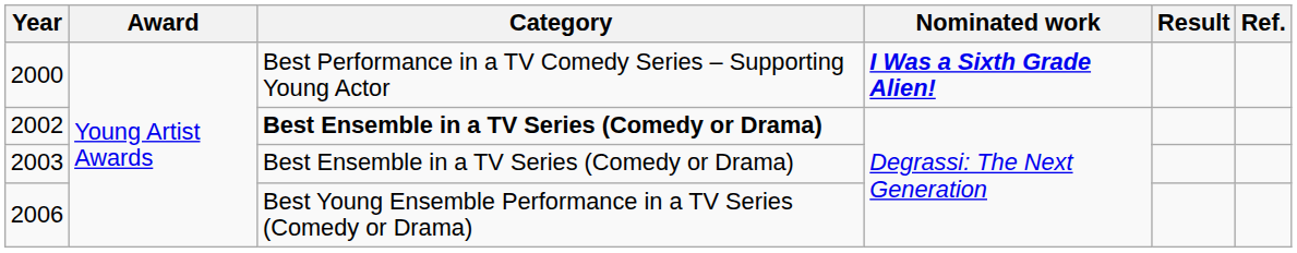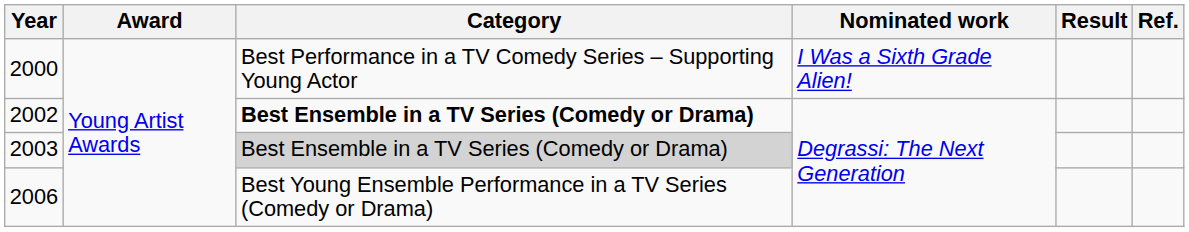 <table class="wikitable">
 <tr>
 <th>Year</th>
 <th>Award</th>
 <th>Category</th>
 <th>Nominated work</th>
 <th>Result</th>
 <th>Ref.</th>
 </tr>
 <tr>
 <td>2000</td>
 <td rowspan="4"><a href='#'>Young Artist Awards</a></td>
 <td>Best Performance in a TV Comedy Series – Supporting Young Actor</td>
-<td><strong><em><a href='#'>I Was a Sixth Grade Alien!</a></em></strong></td>
+<td><em><a href='#'>I Was a Sixth Grade Alien!</a></em></td>
 <td></td>
 <td></td>
 </tr>
 <tr>
 <td>2002</td>
 <td><strong>Best Ensemble in a TV Series (Comedy or Drama)</strong></td>
 <td rowspan="3"><em><a href='#'>Degrassi: The Next Generation</a></em></td>
 <td></td>
 <td></td>
 </tr>
 <tr>
 <td>2003</td>
-<td>Best Ensemble in a TV Series (Comedy or Drama)</td>
+<td style="background: lightgrey;">Best Ensemble in a TV Series (Comedy or Drama)</td>
 <td></td>
 <td></td>
 </tr>
 <tr>
 <td>2006</td>
 <td>Best Young Ensemble Performance in a TV Series (Comedy or Drama)</td>
 <td></td>
 <td></td>
 </tr>
 </table>
